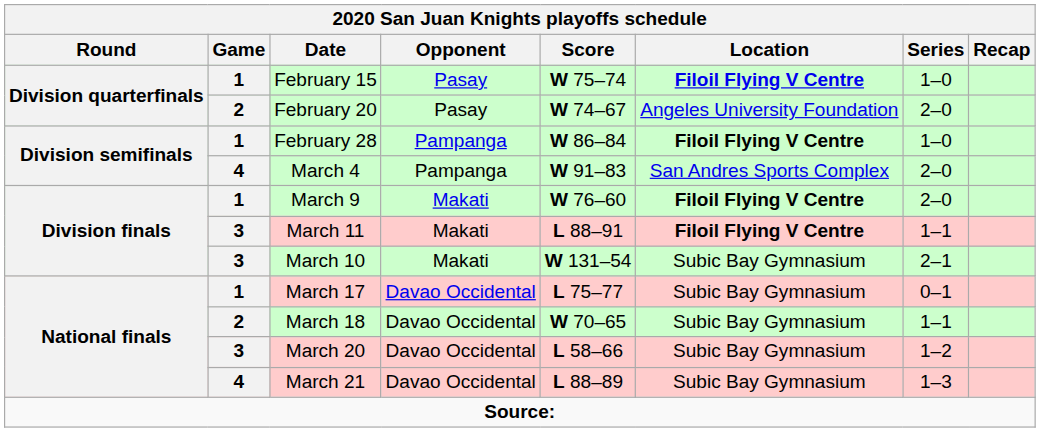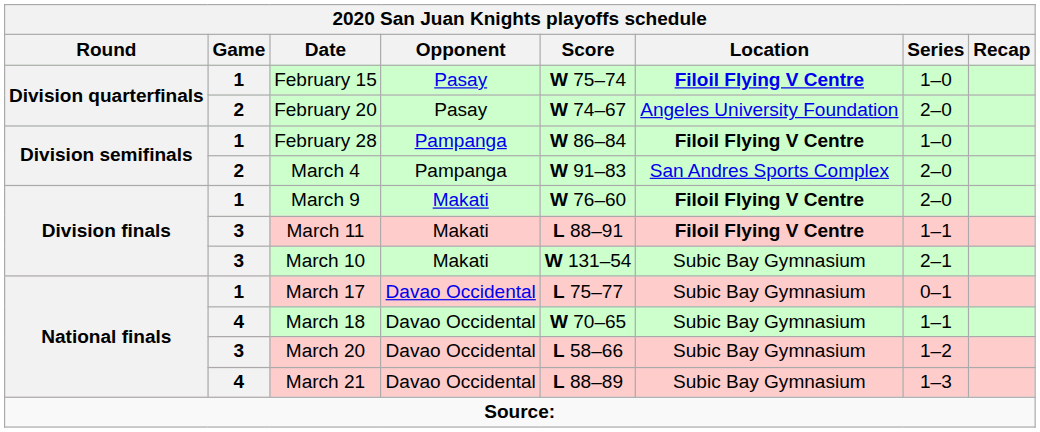 <table class="wikitable" style="text-align:center">
 <tr>
 <th colspan=8>2020 San Juan Knights playoffs schedule</th>
 </tr>
 <tr>
 <th>Round</th>
 <th>Game</th>
 <th>Date</th>
 <th>Opponent</th>
 <th>Score</th>
 <th>Location</th>
 <th>Series</th>
 <th>Recap<br></th>
 </tr>
 <tr style="background:#cfc">
 <th rowspan=2>Division quarterfinals</th>
 <th>1</th>
 <td>February 15</td>
 <td><a href='#'>Pasay</a></td>
 <td><strong>W</strong> 75–74</td>
 <td><strong><a href='#'>Filoil Flying V Centre</a></strong></td>
 <td>1–0</td>
 <td></td>
 </tr>
 <tr style="background:#cfc">
 <th>2</th>
 <td>February 20</td>
 <td>Pasay</td>
 <td><strong>W</strong> 74–67</td>
 <td><a href='#'>Angeles University Foundation</a></td>
 <td>2–0</td>
 <td><br></td>
 </tr>
 <tr style="background:#cfc">
 <th rowspan=2>Division semifinals</th>
 <th>1</th>
 <td>February 28</td>
 <td><a href='#'>Pampanga</a></td>
 <td><strong>W</strong> 86–84</td>
 <td><strong>Filoil Flying V Centre</strong></td>
 <td>1–0</td>
 <td></td>
 </tr>
 <tr style="background:#cfc">
-<th>4</th>
+<th>2</th>
 <td>March 4</td>
 <td>Pampanga</td>
 <td><strong>W</strong> 91–83</td>
 <td><a href='#'>San Andres Sports Complex</a></td>
 <td>2–0</td>
 <td><br></td>
 </tr>
 <tr style="background:#cfc">
 <th rowspan=3>Division finals</th>
 <th>1</th>
 <td>March 9</td>
 <td><a href='#'>Makati</a></td>
 <td><strong>W</strong> 76–60</td>
 <td><strong>Filoil Flying V Centre</strong></td>
 <td>2–0</td>
 <td></td>
 </tr>
 <tr style="background:#fcc">
 <th>3</th>
 <td>March 11</td>
 <td>Makati</td>
 <td><strong>L</strong> 88–91</td>
 <td><strong>Filoil Flying V Centre</strong></td>
 <td>1–1</td>
 <td></td>
 </tr>
 <tr style="background:#cfc">
 <th>3</th>
 <td>March 10</td>
 <td>Makati</td>
 <td><strong>W</strong> 131–54</td>
 <td>Subic Bay Gymnasium</td>
 <td>2–1</td>
 <td><br></td>
 </tr>
 <tr style="background:#fcc">
 <th rowspan=4>National finals</th>
 <th>1</th>
 <td>March 17</td>
 <td><a href='#'>Davao Occidental</a></td>
 <td><strong>L</strong> 75–77</td>
 <td>Subic Bay Gymnasium</td>
 <td>0–1</td>
 <td></td>
 </tr>
 <tr style="background:#cfc">
-<th>2</th>
+<th>4</th>
 <td>March 18</td>
 <td>Davao Occidental</td>
 <td><strong>W</strong> 70–65</td>
 <td>Subic Bay Gymnasium</td>
 <td>1–1</td>
 <td></td>
 </tr>
 <tr style="background:#fcc">
 <th>3</th>
 <td>March 20</td>
 <td>Davao Occidental</td>
 <td><strong>L</strong> 58–66</td>
 <td>Subic Bay Gymnasium</td>
 <td>1–2</td>
 <td></td>
 </tr>
 <tr style="background:#fcc">
 <th>4</th>
 <td>March 21</td>
 <td>Davao Occidental</td>
 <td><strong>L</strong> 88–89</td>
 <td>Subic Bay Gymnasium</td>
 <td>1–3</td>
 <td></td>
 </tr>
 <tr>
 <td colspan=8 align=center><strong>Source: </strong></td>
 </tr>
 </table>
